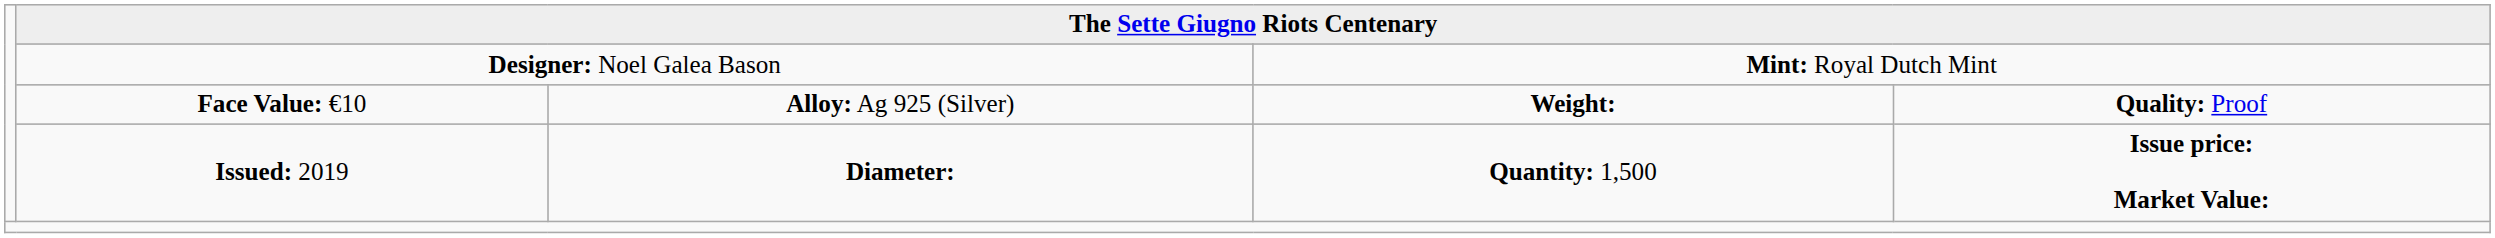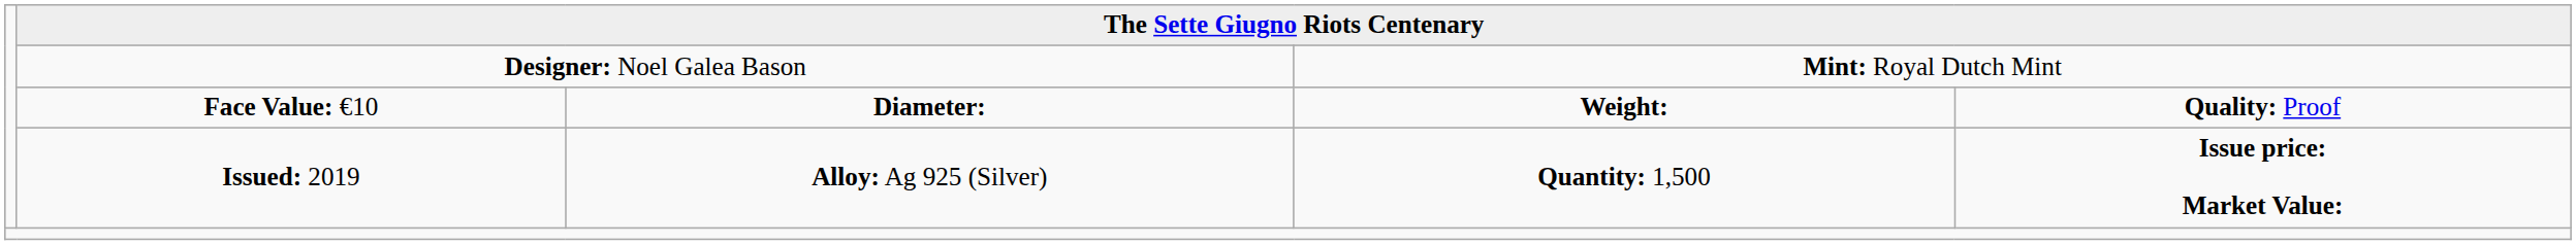 <table class="wikitable" width=100%>
 <tr>
 <td rowspan=4 width="330px" nowrap align=center></td>
 <th colspan="4" align=center style="background:#eeeeee;">The <a href='#'>Sette Giugno</a> Riots Centenary</th>
 </tr>
 <tr>
 <td colspan="2" width="50%" align=center><strong>Designer:</strong> Noel Galea Bason</td>
 <td colspan="2" width="50%" align=center><strong>Mint:</strong> Royal Dutch Mint</td>
 </tr>
 <tr>
 <td align=center><strong>Face Value:</strong> €10</td>
-<td align=center><strong>Alloy:</strong> Ag 925 (Silver)</td>
+<td align=center><strong>Diameter:</strong> </td>
 <td align=center><strong>Weight:</strong> </td>
 <td align=center><strong>Quality:</strong> <a href='#'>Proof</a></td>
 </tr>
 <tr>
 <td align=center><strong>Issued:</strong> 2019</td>
-<td align=center><strong>Diameter:</strong> </td>
+<td align=center><strong>Alloy:</strong> Ag 925 (Silver)</td>
 <td align=center><strong>Quantity:</strong> 1,500</td>
 <td align=center><strong>Issue price:</strong><br><br> <strong>Market Value:</strong></td>
 </tr>
 <tr>
 <td colspan="5" align=left></td>
 </tr>
 </table>
